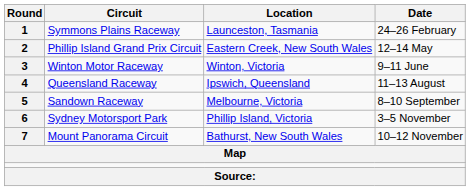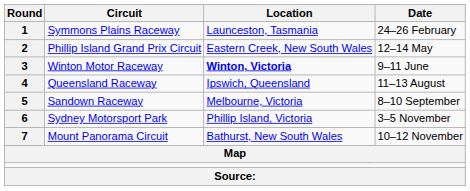 <table class="wikitable" style=font-size:85%;>
 <tr>
 <th>Round</th>
 <th>Circuit</th>
 <th>Location</th>
 <th>Date</th>
 </tr>
 <tr>
 <th>1</th>
 <td> <a href='#'>Symmons Plains Raceway</a></td>
 <td><a href='#'>Launceston, Tasmania</a></td>
 <td>24–26 February</td>
 </tr>
 <tr>
 <th>2</th>
 <td> <a href='#'>Phillip Island Grand Prix Circuit</a></td>
 <td><a href='#'>Eastern Creek, New South Wales</a></td>
 <td>12–14 May</td>
 </tr>
 <tr>
 <th>3</th>
 <td> <a href='#'>Winton Motor Raceway</a></td>
-<td><a href='#'>Winton, Victoria</a></td>
+<td><strong><a href='#'>Winton, Victoria</a></strong></td>
 <td>9–11 June</td>
 </tr>
 <tr>
 <th>4</th>
 <td> <a href='#'>Queensland Raceway</a></td>
 <td><a href='#'>Ipswich, Queensland</a></td>
 <td>11–13 August</td>
 </tr>
 <tr>
 <th>5</th>
 <td> <a href='#'>Sandown Raceway</a></td>
 <td><a href='#'>Melbourne, Victoria</a></td>
 <td>8–10 September</td>
 </tr>
 <tr>
 <th>6</th>
 <td> <a href='#'>Sydney Motorsport Park</a></td>
 <td><a href='#'>Phillip Island, Victoria</a></td>
 <td>3–5 November</td>
 </tr>
 <tr>
 <th>7</th>
 <td> <a href='#'>Mount Panorama Circuit</a></td>
 <td><a href='#'>Bathurst, New South Wales</a></td>
 <td>10–12 November</td>
 </tr>
 <tr>
 <th colspan=4>Map</th>
 </tr>
 <tr>
 <td colspan=4></td>
 </tr>
 <tr>
 <th colspan=4>Source:</th>
 </tr>
 </table>
